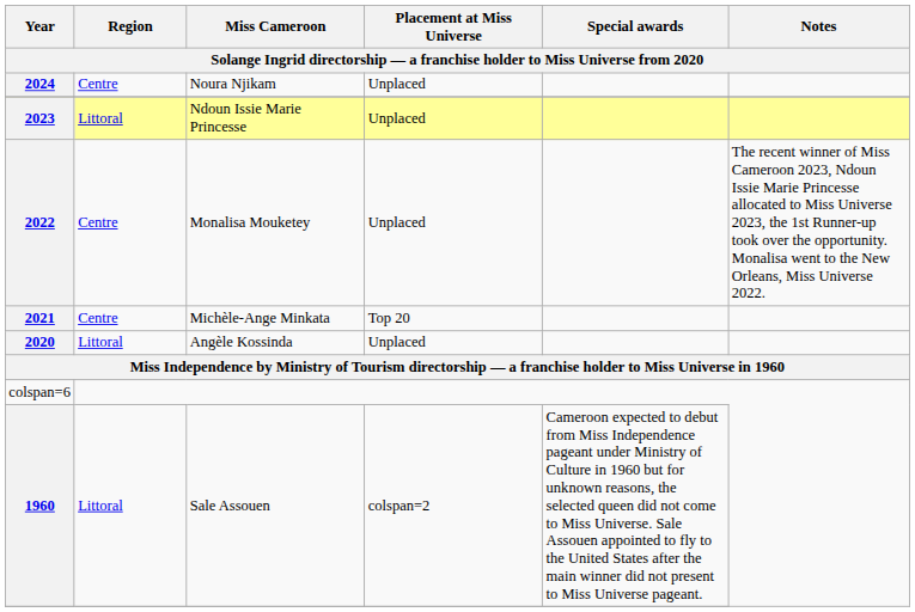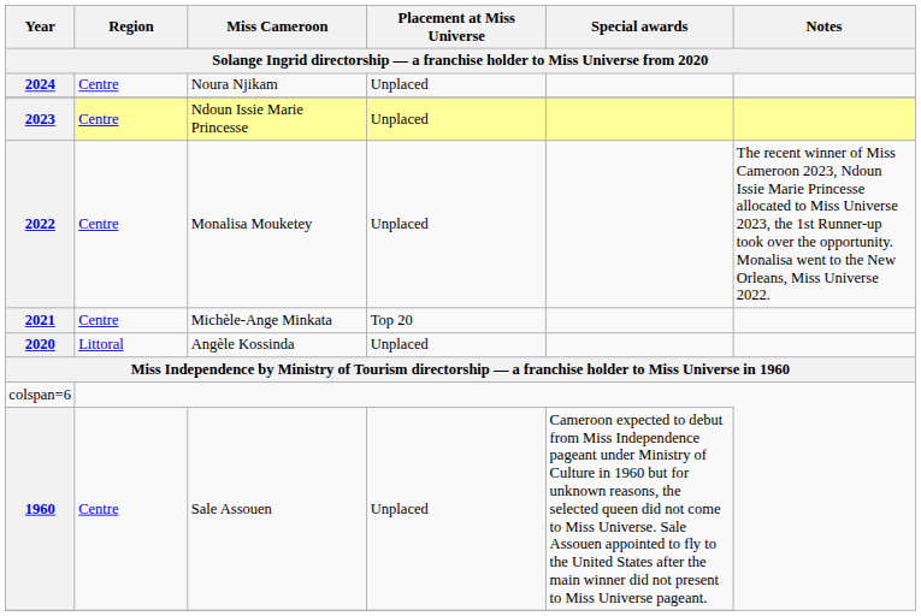 <table class="wikitable " style="font-size: 90%;">
 <tr>
 <th width="60">Year</th>
 <th width="150">Region</th>
 <th width="250">Miss Cameroon</th>
 <th width="250">Placement at Miss Universe</th>
 <th width="250">Special awards</th>
 <th width="250">Notes</th>
 </tr>
 <tr>
 <th colspan="6">Solange Ingrid directorship — a franchise holder to Miss Universe from 2020</th>
 </tr>
 <tr>
 <th><a href='#'>2024</a></th>
 <td><a href='#'>Centre</a></td>
 <td>Noura Njikam</td>
 <td>Unplaced</td>
 <td></td>
 <td></td>
 </tr>
 <tr>
 </tr>
 <tr style="background-color:#FFFF99;">
 <th><a href='#'>2023</a></th>
-<td><a href='#'>Littoral</a></td>
+<td><a href='#'>Centre</a></td>
 <td>Ndoun Issie Marie Princesse</td>
 <td>Unplaced</td>
 <td></td>
 <td></td>
 </tr>
 <tr>
 <th><a href='#'>2022</a></th>
 <td><a href='#'>Centre</a></td>
 <td>Monalisa Mouketey</td>
 <td>Unplaced</td>
 <td></td>
 <td>The recent winner of Miss Cameroon 2023, Ndoun Issie Marie Princesse allocated to Miss Universe 2023, the 1st Runner-up took over the opportunity. Monalisa went to the New Orleans, Miss Universe 2022.</td>
 </tr>
 <tr>
 <th><a href='#'>2021</a></th>
 <td><a href='#'>Centre</a></td>
 <td>Michèle-Ange Minkata</td>
 <td>Top 20</td>
 <td></td>
 <td></td>
 </tr>
 <tr>
 <th><a href='#'>2020</a></th>
 <td><a href='#'>Littoral</a></td>
 <td>Angèle Kossinda</td>
 <td>Unplaced</td>
 <td></td>
 <td></td>
 </tr>
 <tr>
 <th colspan="6">Miss Independence by Ministry of Tourism directorship — a franchise holder to Miss Universe in 1960</th>
 </tr>
 <tr>
 <td>colspan=6 </td>
 </tr>
 <tr>
 <th><a href='#'>1960</a></th>
-<td><a href='#'>Littoral</a></td>
+<td><a href='#'>Centre</a></td>
 <td>Sale Assouen</td>
-<td>colspan=2 </td>
+<td>Unplaced</td>
 <td>Cameroon expected to debut from Miss Independence pageant under Ministry of Culture in 1960 but for unknown reasons, the selected queen did not come to Miss Universe. Sale Assouen appointed to fly to the United States after the main winner did not present to Miss Universe pageant.</td>
 </tr>
 <tr>
 </tr>
 </table>
